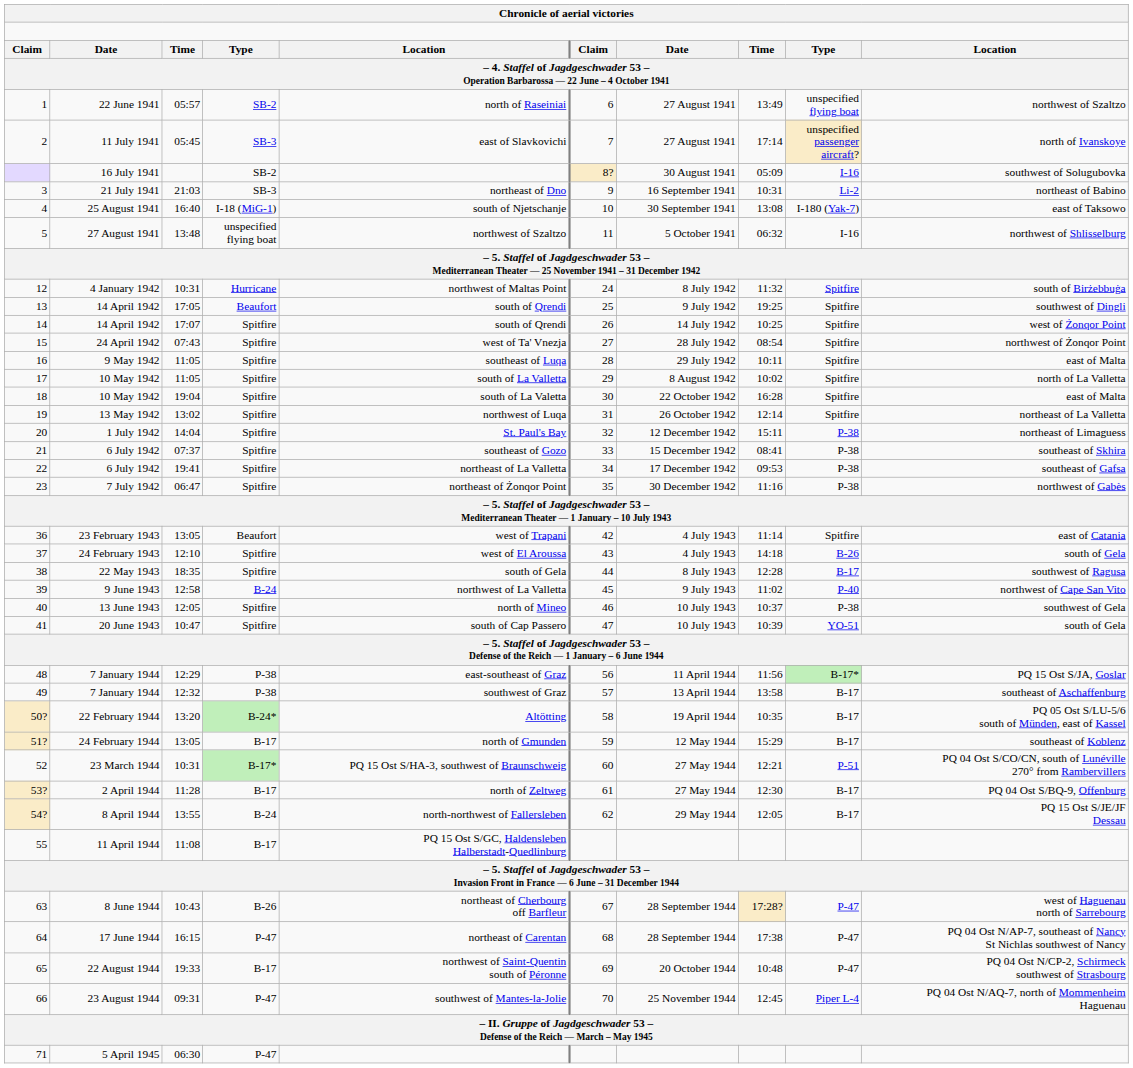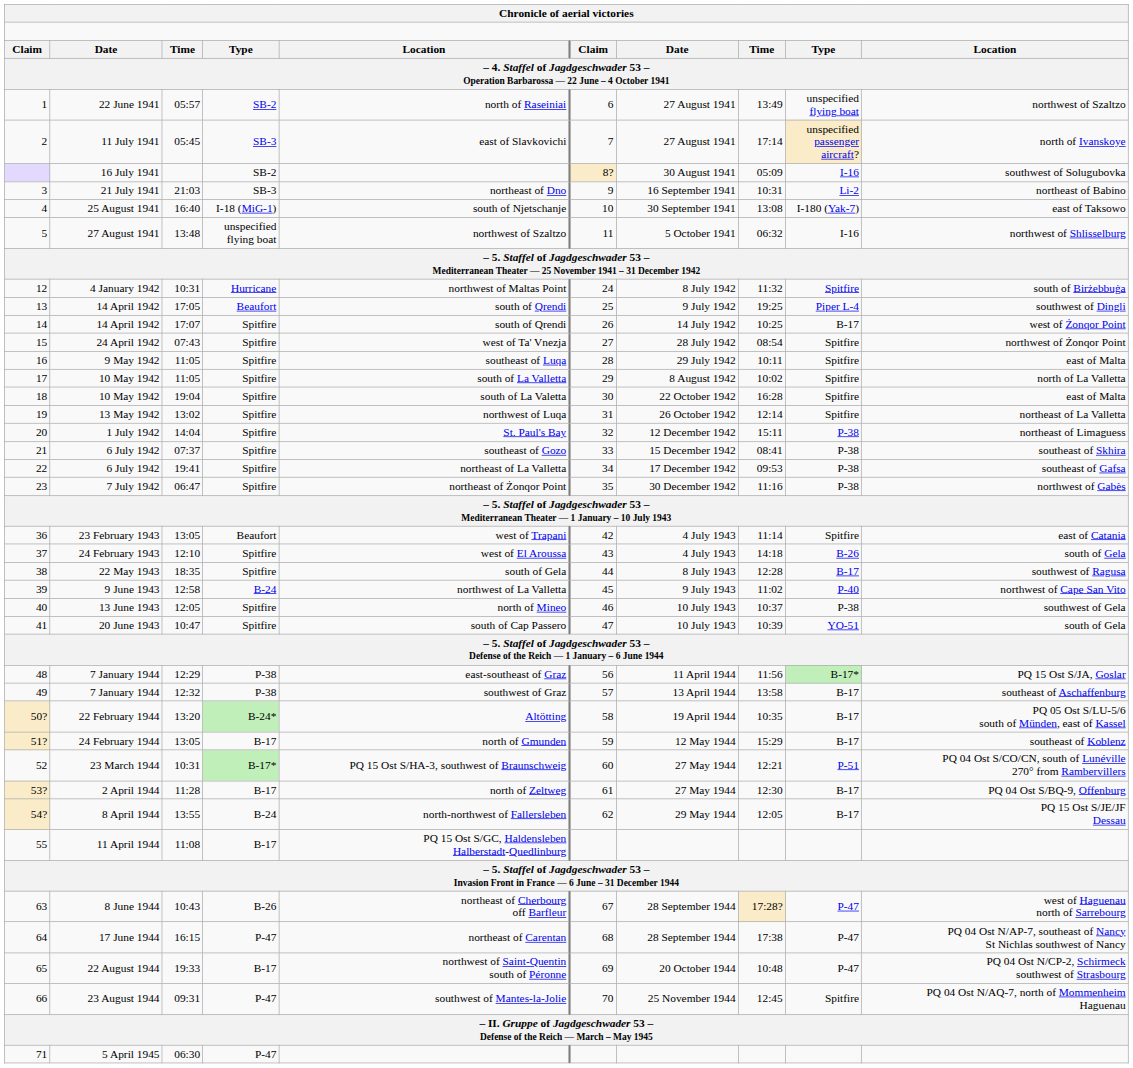 <table class="wikitable plainrowheaders collapsible" style="margin-left: auto; margin-right: auto; border: none; text-align:right; width: 100%;">
 <tr>
 <th colspan="10">Chronicle of aerial victories</th>
 </tr>
 <tr>
 <td colspan="10" style="text-align: left;"><br>  </td>
 </tr>
 <tr>
 <th scope="col">Claim</th>
 <th scope="col">Date</th>
 <th scope="col">Time</th>
 <th scope="col" width="100px">Type</th>
 <th scope="col">Location</th>
 <th scope="col" style="border-left: 3px solid grey;">Claim</th>
 <th scope="col">Date</th>
 <th scope="col">Time</th>
 <th scope="col" width="100px">Type</th>
 <th scope="col">Location</th>
 </tr>
 <tr>
 <th colspan="10">– 4. <em>Staffel</em> of <em>Jagdgeschwader</em> 53 –<br><small>Operation Barbarossa — 22 June – 4 October 1941</small></th>
 </tr>
 <tr>
 <td>1</td>
 <td>22 June 1941</td>
 <td>05:57</td>
 <td><a href='#'>SB-2</a></td>
 <td>north of <a href='#'>Raseiniai</a></td>
 <td style="border-left: 3px solid grey;">6</td>
 <td>27 August 1941</td>
 <td>13:49</td>
 <td>unspecified <a href='#'>flying boat</a></td>
 <td>northwest of Szaltzo</td>
 </tr>
 <tr>
 <td>2</td>
 <td>11 July 1941</td>
 <td>05:45</td>
 <td><a href='#'>SB-3</a></td>
 <td>east of Slavkovichi</td>
 <td style="border-left: 3px solid grey;">7</td>
 <td>27 August 1941</td>
 <td>17:14</td>
 <td style="background:#faecc8">unspecified <a href='#'>passenger aircraft</a>?</td>
 <td>north of <a href='#'>Ivanskoye</a></td>
 </tr>
 <tr>
 <td style="background:#e3d9ff;"></td>
 <td>16 July 1941</td>
 <td></td>
 <td>SB-2</td>
 <td></td>
 <td style="border-left: 3px solid grey; background:#faecc8">8?</td>
 <td>30 August 1941</td>
 <td>05:09</td>
 <td><a href='#'>I-16</a></td>
 <td>southwest of Solugubovka</td>
 </tr>
 <tr>
 <td>3</td>
 <td>21 July 1941</td>
 <td>21:03</td>
 <td>SB-3</td>
 <td>northeast of <a href='#'>Dno</a></td>
 <td style="border-left: 3px solid grey;">9</td>
 <td>16 September 1941</td>
 <td>10:31</td>
 <td><a href='#'>Li-2</a></td>
 <td>northeast of Babino</td>
 </tr>
 <tr>
 <td>4</td>
 <td>25 August 1941</td>
 <td>16:40</td>
 <td>I-18 (<a href='#'>MiG-1</a>)</td>
 <td>south of Njetschanje</td>
 <td style="border-left: 3px solid grey;">10</td>
 <td>30 September 1941</td>
 <td>13:08</td>
 <td>I-180 (<a href='#'>Yak-7</a>)</td>
 <td>east of Taksowo</td>
 </tr>
 <tr>
 <td>5</td>
 <td>27 August 1941</td>
 <td>13:48</td>
 <td>unspecified flying boat</td>
 <td>northwest of Szaltzo</td>
 <td style="border-left: 3px solid grey;">11</td>
 <td>5 October 1941</td>
 <td>06:32</td>
 <td>I-16</td>
 <td>northwest of <a href='#'>Shlisselburg</a></td>
 </tr>
 <tr>
 <th colspan="10">– 5. <em>Staffel</em> of <em>Jagdgeschwader</em> 53 –<br><small>Mediterranean Theater — 25 November 1941 – 31 December 1942</small></th>
 </tr>
 <tr>
 <td>12</td>
 <td>4 January 1942</td>
 <td>10:31</td>
 <td><a href='#'>Hurricane</a></td>
 <td>northwest of Maltas Point</td>
 <td style="border-left: 3px solid grey;">24</td>
 <td>8 July 1942</td>
 <td>11:32</td>
 <td><a href='#'>Spitfire</a></td>
 <td> south of <a href='#'>Birżebbuġa</a></td>
 </tr>
 <tr>
 <td>13</td>
 <td>14 April 1942</td>
 <td>17:05</td>
 <td><a href='#'>Beaufort</a></td>
 <td> south of <a href='#'>Qrendi</a></td>
 <td style="border-left: 3px solid grey;">25</td>
 <td>9 July 1942</td>
 <td>19:25</td>
-<td>Spitfire</td>
+<td><a href='#'>Piper L-4</a></td>
 <td> southwest of <a href='#'>Dingli</a></td>
 </tr>
 <tr>
 <td>14</td>
 <td>14 April 1942</td>
 <td>17:07</td>
 <td>Spitfire</td>
 <td> south of Qrendi</td>
 <td style="border-left: 3px solid grey;">26</td>
 <td>14 July 1942</td>
 <td>10:25</td>
-<td>Spitfire</td>
+<td>B-17</td>
 <td> west of <a href='#'>Żonqor Point</a></td>
 </tr>
 <tr>
 <td>15</td>
 <td>24 April 1942</td>
 <td>07:43</td>
 <td>Spitfire</td>
 <td>west of Ta' Vnezja</td>
 <td style="border-left: 3px solid grey;">27</td>
 <td>28 July 1942</td>
 <td>08:54</td>
 <td>Spitfire</td>
 <td> northwest of Żonqor Point</td>
 </tr>
 <tr>
 <td>16</td>
 <td>9 May 1942</td>
 <td>11:05</td>
 <td>Spitfire</td>
 <td> southeast of <a href='#'>Luqa</a></td>
 <td style="border-left: 3px solid grey;">28</td>
 <td>29 July 1942</td>
 <td>10:11</td>
 <td>Spitfire</td>
 <td> east of Malta</td>
 </tr>
 <tr>
 <td>17</td>
 <td>10 May 1942</td>
 <td>11:05</td>
 <td>Spitfire</td>
 <td> south of <a href='#'>La Valletta</a></td>
 <td style="border-left: 3px solid grey;">29</td>
 <td>8 August 1942</td>
 <td>10:02</td>
 <td>Spitfire</td>
 <td> north of La Valletta</td>
 </tr>
 <tr>
 <td>18</td>
 <td>10 May 1942</td>
 <td>19:04</td>
 <td>Spitfire</td>
 <td> south of La Valetta</td>
 <td style="border-left: 3px solid grey;">30</td>
 <td>22 October 1942</td>
 <td>16:28</td>
 <td>Spitfire</td>
 <td> east of Malta</td>
 </tr>
 <tr>
 <td>19</td>
 <td>13 May 1942</td>
 <td>13:02</td>
 <td>Spitfire</td>
 <td> northwest of Luqa</td>
 <td style="border-left: 3px solid grey;">31</td>
 <td>26 October 1942</td>
 <td>12:14</td>
 <td>Spitfire</td>
 <td> northeast of La Valletta</td>
 </tr>
 <tr>
 <td>20</td>
 <td>1 July 1942</td>
 <td>14:04</td>
 <td>Spitfire</td>
 <td><a href='#'>St. Paul's Bay</a></td>
 <td style="border-left: 3px solid grey;">32</td>
 <td>12 December 1942</td>
 <td>15:11</td>
 <td><a href='#'>P-38</a></td>
 <td> northeast of Limaguess</td>
 </tr>
 <tr>
 <td>21</td>
 <td>6 July 1942</td>
 <td>07:37</td>
 <td>Spitfire</td>
 <td>southeast of <a href='#'>Gozo</a></td>
 <td style="border-left: 3px solid grey;">33</td>
 <td>15 December 1942</td>
 <td>08:41</td>
 <td>P-38</td>
 <td> southeast of <a href='#'>Skhira</a></td>
 </tr>
 <tr>
 <td>22</td>
 <td>6 July 1942</td>
 <td>19:41</td>
 <td>Spitfire</td>
 <td> northeast of La Valletta</td>
 <td style="border-left: 3px solid grey;">34</td>
 <td>17 December 1942</td>
 <td>09:53</td>
 <td>P-38</td>
 <td> southeast of <a href='#'>Gafsa</a></td>
 </tr>
 <tr>
 <td>23</td>
 <td>7 July 1942</td>
 <td>06:47</td>
 <td>Spitfire</td>
 <td> northeast of Żonqor Point</td>
 <td style="border-left: 3px solid grey;">35</td>
 <td>30 December 1942</td>
 <td>11:16</td>
 <td>P-38</td>
 <td> northwest of <a href='#'>Gabès</a></td>
 </tr>
 <tr>
 <th colspan="10">– 5. <em>Staffel</em> of <em>Jagdgeschwader</em> 53 –<br><small>Mediterranean Theater — 1 January – 10 July 1943</small></th>
 </tr>
 <tr>
 <td>36</td>
 <td>23 February 1943</td>
 <td>13:05</td>
 <td>Beaufort</td>
 <td> west of <a href='#'>Trapani</a></td>
 <td style="border-left: 3px solid grey;">42</td>
 <td>4 July 1943</td>
 <td>11:14</td>
 <td>Spitfire</td>
 <td> east of <a href='#'>Catania</a></td>
 </tr>
 <tr>
 <td>37</td>
 <td>24 February 1943</td>
 <td>12:10</td>
 <td>Spitfire</td>
 <td> west of <a href='#'>El Aroussa</a></td>
 <td style="border-left: 3px solid grey;">43</td>
 <td>4 July 1943</td>
 <td>14:18</td>
 <td><a href='#'>B-26</a></td>
 <td> south of <a href='#'>Gela</a></td>
 </tr>
 <tr>
 <td>38</td>
 <td>22 May 1943</td>
 <td>18:35</td>
 <td>Spitfire</td>
 <td> south of Gela</td>
 <td style="border-left: 3px solid grey;">44</td>
 <td>8 July 1943</td>
 <td>12:28</td>
 <td><a href='#'>B-17</a></td>
 <td> southwest of <a href='#'>Ragusa</a></td>
 </tr>
 <tr>
 <td>39</td>
 <td>9 June 1943</td>
 <td>12:58</td>
 <td><a href='#'>B-24</a></td>
 <td> northwest of La Valletta</td>
 <td style="border-left: 3px solid grey;">45</td>
 <td>9 July 1943</td>
 <td>11:02</td>
 <td><a href='#'>P-40</a></td>
 <td> northwest of <a href='#'>Cape San Vito</a></td>
 </tr>
 <tr>
 <td>40</td>
 <td>13 June 1943</td>
 <td>12:05</td>
 <td>Spitfire</td>
 <td>north of <a href='#'>Mineo</a></td>
 <td style="border-left: 3px solid grey;">46</td>
 <td>10 July 1943</td>
 <td>10:37</td>
 <td>P-38</td>
 <td> southwest of Gela</td>
 </tr>
 <tr>
 <td>41</td>
 <td>20 June 1943</td>
 <td>10:47</td>
 <td>Spitfire</td>
 <td> south of Cap Passero</td>
 <td style="border-left: 3px solid grey;">47</td>
 <td>10 July 1943</td>
 <td>10:39</td>
 <td><a href='#'>YO-51</a></td>
 <td> south of Gela</td>
 </tr>
 <tr>
 <th colspan="10">– 5. <em>Staffel</em> of <em>Jagdgeschwader</em> 53 –<br><small>Defense of the Reich — 1 January – 6 June 1944</small></th>
 </tr>
 <tr>
 <td>48</td>
 <td>7 January 1944</td>
 <td>12:29</td>
 <td>P-38</td>
 <td> east-southeast of <a href='#'>Graz</a></td>
 <td style="border-left: 3px solid grey;">56</td>
 <td>11 April 1944</td>
 <td>11:56</td>
 <td style="background:#C0EFBA">B-17*</td>
 <td>PQ 15 Ost S/JA, <a href='#'>Goslar</a></td>
 </tr>
 <tr>
 <td>49</td>
 <td>7 January 1944</td>
 <td>12:32</td>
 <td>P-38</td>
 <td> southwest of Graz</td>
 <td style="border-left: 3px solid grey;">57</td>
 <td>13 April 1944</td>
 <td>13:58</td>
 <td>B-17</td>
 <td>southeast of <a href='#'>Aschaffenburg</a></td>
 </tr>
 <tr>
 <td style="background:#faecc8">50?</td>
 <td>22 February 1944</td>
 <td>13:20</td>
 <td style="background:#C0EFBA">B-24*</td>
 <td><a href='#'>Altötting</a></td>
 <td style="border-left: 3px solid grey;">58</td>
 <td>19 April 1944</td>
 <td>10:35</td>
 <td>B-17</td>
 <td>PQ 05 Ost S/LU-5/6<br>south of <a href='#'>Münden</a>, east of <a href='#'>Kassel</a></td>
 </tr>
 <tr>
 <td style="background:#faecc8">51?</td>
 <td>24 February 1944</td>
 <td>13:05</td>
 <td>B-17</td>
 <td> north of <a href='#'>Gmunden</a></td>
 <td style="border-left: 3px solid grey;">59</td>
 <td>12 May 1944</td>
 <td>15:29</td>
 <td>B-17</td>
 <td> southeast of <a href='#'>Koblenz</a></td>
 </tr>
 <tr>
 <td>52</td>
 <td>23 March 1944</td>
 <td>10:31</td>
 <td style="background:#C0EFBA">B-17*</td>
 <td>PQ 15 Ost S/HA-3, southwest of <a href='#'>Braunschweig</a></td>
 <td style="border-left: 3px solid grey;">60</td>
 <td>27 May 1944</td>
 <td>12:21</td>
 <td><a href='#'>P-51</a></td>
 <td>PQ 04 Ost S/CO/CN, south of <a href='#'>Lunéville</a><br>270° from <a href='#'>Rambervillers</a></td>
 </tr>
 <tr>
 <td style="background:#faecc8">53?</td>
 <td>2 April 1944</td>
 <td>11:28</td>
 <td>B-17</td>
 <td> north of <a href='#'>Zeltweg</a></td>
 <td style="border-left: 3px solid grey;">61</td>
 <td>27 May 1944</td>
 <td>12:30</td>
 <td>B-17</td>
 <td>PQ 04 Ost S/BQ-9, <a href='#'>Offenburg</a></td>
 </tr>
 <tr>
 <td style="background:#faecc8">54?</td>
 <td>8 April 1944</td>
 <td>13:55</td>
 <td>B-24</td>
 <td> north-northwest of <a href='#'>Fallersleben</a></td>
 <td style="border-left: 3px solid grey;">62</td>
 <td>29 May 1944</td>
 <td>12:05</td>
 <td>B-17</td>
 <td>PQ 15 Ost S/JE/JF<br><a href='#'>Dessau</a></td>
 </tr>
 <tr>
 <td>55</td>
 <td>11 April 1944</td>
 <td>11:08</td>
 <td>B-17</td>
 <td>PQ 15 Ost S/GC, <a href='#'>Haldensleben</a><br><a href='#'>Halberstadt</a>-<a href='#'>Quedlinburg</a></td>
 <td style="border-left: 3px solid grey;"></td>
 <td></td>
 <td></td>
 <td></td>
 <td></td>
 </tr>
 <tr>
 <th colspan="10">– 5. <em>Staffel</em> of <em>Jagdgeschwader</em> 53 –<br><small>Invasion Front in France — 6 June – 31 December 1944</small></th>
 </tr>
 <tr>
 <td>63</td>
 <td>8 June 1944</td>
 <td>10:43</td>
 <td>B-26</td>
 <td> northeast of <a href='#'>Cherbourg</a><br>off <a href='#'>Barfleur</a></td>
 <td style="border-left: 3px solid grey;">67</td>
 <td>28 September 1944</td>
 <td style="background:#faecc8">17:28?</td>
 <td><a href='#'>P-47</a></td>
 <td> west of <a href='#'>Haguenau</a><br>north of <a href='#'>Sarrebourg</a></td>
 </tr>
 <tr>
 <td>64</td>
 <td>17 June 1944</td>
 <td>16:15</td>
 <td>P-47</td>
 <td> northeast of <a href='#'>Carentan</a></td>
 <td style="border-left: 3px solid grey;">68</td>
 <td>28 September 1944</td>
 <td>17:38</td>
 <td>P-47</td>
 <td>PQ 04 Ost N/AP-7,  southeast of <a href='#'>Nancy</a><br>St Nichlas southwest of Nancy</td>
 </tr>
 <tr>
 <td>65</td>
 <td>22 August 1944</td>
 <td>19:33</td>
 <td>B-17</td>
 <td> northwest of <a href='#'>Saint-Quentin</a><br> south of <a href='#'>Péronne</a></td>
 <td style="border-left: 3px solid grey;">69</td>
 <td>20 October 1944</td>
 <td>10:48</td>
 <td>P-47</td>
 <td>PQ 04 Ost N/CP-2, <a href='#'>Schirmeck</a><br>southwest of <a href='#'>Strasbourg</a></td>
 </tr>
 <tr>
 <td>66</td>
 <td>23 August 1944</td>
 <td>09:31</td>
 <td>P-47</td>
 <td> southwest of <a href='#'>Mantes-la-Jolie</a></td>
 <td style="border-left: 3px solid grey;">70</td>
 <td>25 November 1944</td>
 <td>12:45</td>
-<td><a href='#'>Piper L-4</a></td>
+<td>Spitfire</td>
 <td>PQ 04 Ost N/AQ-7, north of <a href='#'>Mommenheim</a><br>Haguenau</td>
 </tr>
 <tr>
 <th colspan="10">– II. <em>Gruppe</em> of <em>Jagdgeschwader</em> 53 –<br><small>Defense of the Reich — March – May 1945</small></th>
 </tr>
 <tr>
 <td>71</td>
 <td>5 April 1945</td>
 <td>06:30</td>
 <td>P-47</td>
 <td></td>
 <td style="border-left: 3px solid grey;"></td>
 <td></td>
 <td></td>
 <td></td>
 <td></td>
 </tr>
 </table>
